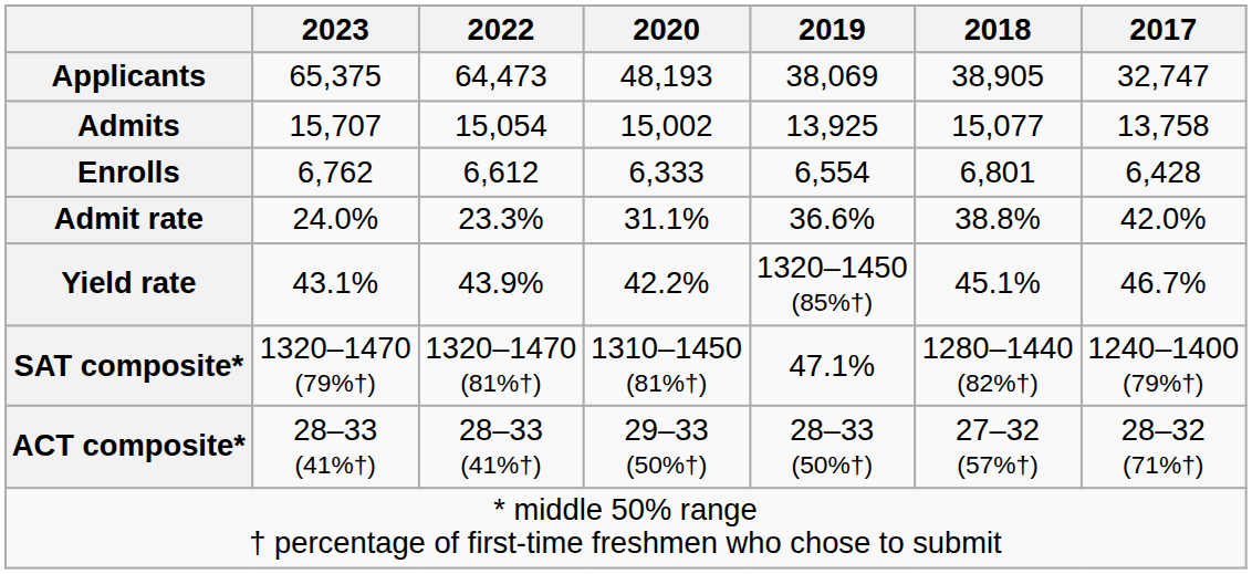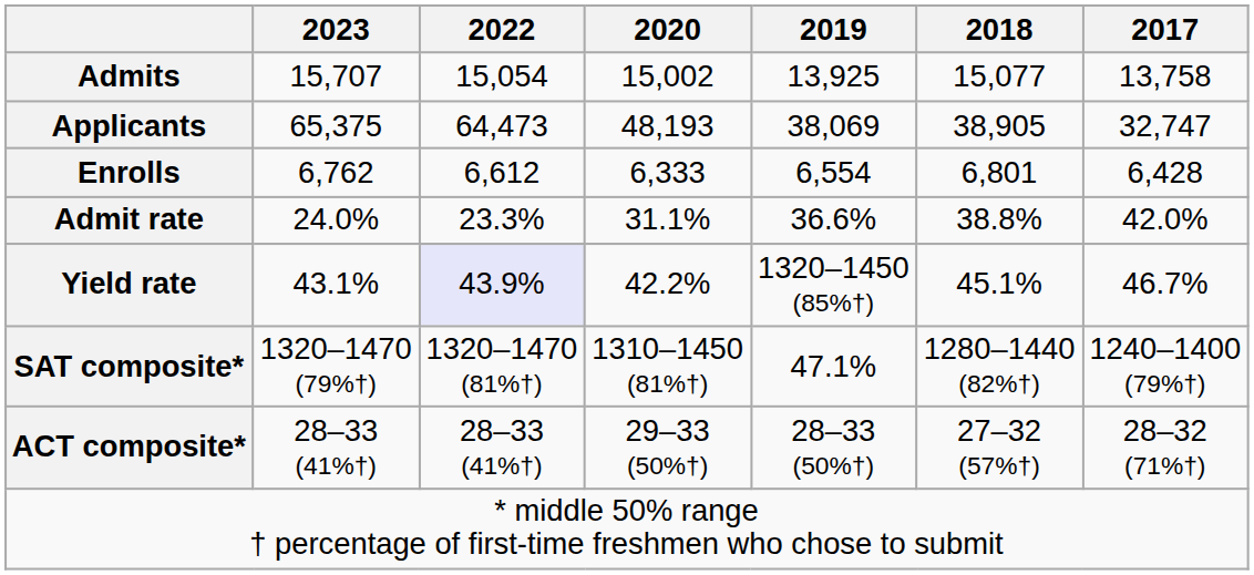 <table style="float:right; font-size:85%; margin:10px; text-align:center; font-size:85%; margin:auto;" class="wikitable">
 <tr>
 <th> </th>
 <th>2023</th>
 <th>2022</th>
 <th>2020</th>
 <th>2019</th>
 <th>2018</th>
 <th>2017</th>
 </tr>
 <tr>
+<th scope = "row">Admits</th>
+<td>15,707</td>
+<td>15,054</td>
+<td>15,002</td>
+<td>13,925</td>
+<td>15,077</td>
+<td>13,758</td>
+</tr>
+<tr>
 <th scope = "row">Applicants</th>
 <td>65,375</td>
 <td>64,473</td>
 <td>48,193</td>
 <td>38,069</td>
 <td>38,905</td>
 <td>32,747</td>
-</tr>
-<tr>
-<th scope = "row">Admits</th>
-<td>15,707</td>
-<td>15,054</td>
-<td>15,002</td>
-<td>13,925</td>
-<td>15,077</td>
-<td>13,758</td>
 </tr>
 <tr>
 <th scope = "row">Enrolls</th>
 <td>6,762</td>
 <td>6,612</td>
 <td>6,333</td>
 <td>6,554</td>
 <td>6,801</td>
 <td>6,428</td>
 </tr>
 <tr>
 <th scope = "row">Admit rate</th>
 <td>24.0%</td>
 <td>23.3%</td>
 <td>31.1%</td>
 <td>36.6%</td>
 <td>38.8%</td>
 <td>42.0%</td>
 </tr>
 <tr>
 <th scope = "row">Yield rate</th>
 <td>43.1%</td>
-<td>43.9%</td>
+<td style="background: lavender;">43.9%</td>
 <td>42.2%</td>
 <td>1320⁠–1450<br><small>(85%†)</small></td>
 <td>45.1%</td>
 <td>46.7%</td>
 </tr>
 <tr>
 <th scope = "row">SAT composite*</th>
 <td>1320⁠–1470<br><small>(79%†)</small></td>
 <td>1320⁠–1470<br><small>(81%†)</small></td>
 <td>1310⁠–1450<br><small>(81%†)</small></td>
 <td>47.1%</td>
 <td>1280⁠–1440<br><small>(82%†)</small></td>
 <td>1240⁠–1400<br><small>(79%†)</small></td>
 </tr>
 <tr>
 <th>ACT composite*</th>
 <td>28–33<br><small>(41%†)</small></td>
 <td>28–33<br><small>(41%†)</small></td>
 <td>29–33<br><small>(50%†)</small></td>
 <td>28–33<br><small>(50%†)</small></td>
 <td>27–32<br><small>(57%†)</small></td>
 <td>28–32<br><small>(71%†)</small></td>
 </tr>
 <tr>
 <td colspan=7>* middle 50% range<br> † percentage of first-time freshmen who chose to submit</td>
 </tr>
 </table>
